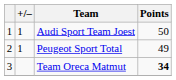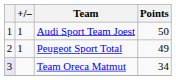 <table class="wikitable" style="font-size: 95%;">
 <tr>
 <th scope="col"></th>
 <th scope="col">+/–</th>
 <th scope="col">Team</th>
 <th scope="col">Points</th>
 </tr>
 <tr>
 <td align="center">1</td>
 <td align="left"> 1</td>
 <td> <a href='#'>Audi Sport Team Joest</a></td>
 <td align="right">50</td>
 </tr>
 <tr>
 <td align="center">2</td>
 <td align="left"> 1</td>
 <td> <a href='#'>Peugeot Sport Total</a></td>
 <td align="right">49</td>
 </tr>
 <tr>
-<td align="center">3</td>
+<td align="center" style="background: lavender;">3</td>
 <td align="left"></td>
 <td> <a href='#'>Team Oreca Matmut</a></td>
-<td align="right"><strong>34</strong></td>
+<td align="right">34</td>
 </tr>
 <tr>
 </tr>
 </table>
